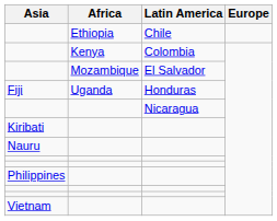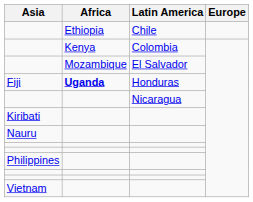 <table class="wikitable">
 <tr>
 <th>Asia</th>
 <th>Africa</th>
 <th>Latin America</th>
 <th>Europe</th>
 </tr>
 <tr>
 <td></td>
 <td><a href='#'>Ethiopia</a></td>
 <td><a href='#'>Chile</a></td>
 <td></td>
 </tr>
 <tr>
 <td></td>
 <td><a href='#'>Kenya</a></td>
 <td><a href='#'>Colombia</a></td>
 </tr>
 <tr>
 <td></td>
 <td><a href='#'>Mozambique</a></td>
 <td><a href='#'>El Salvador</a></td>
 </tr>
 <tr>
 <td><a href='#'>Fiji</a></td>
-<td><a href='#'>Uganda</a></td>
+<td><strong><a href='#'>Uganda</a></strong></td>
 <td><a href='#'>Honduras</a></td>
 </tr>
 <tr>
 <td></td>
 <td></td>
 <td><a href='#'>Nicaragua</a></td>
 </tr>
 <tr>
 <td><a href='#'>Kiribati</a></td>
 <td></td>
 <td></td>
 </tr>
 <tr>
 <td><a href='#'>Nauru</a></td>
 <td></td>
 <td></td>
 </tr>
 <tr>
 <td></td>
 <td></td>
 <td></td>
 </tr>
 <tr>
 <td></td>
 <td></td>
 <td></td>
 </tr>
 <tr>
 <td><a href='#'>Philippines</a></td>
 <td></td>
 <td></td>
 </tr>
 <tr>
 <td></td>
 <td></td>
 <td></td>
 </tr>
 <tr>
 <td></td>
 <td></td>
 <td></td>
 </tr>
 <tr>
 <td><a href='#'>Vietnam</a></td>
 <td></td>
 <td></td>
 </tr>
 </table>
